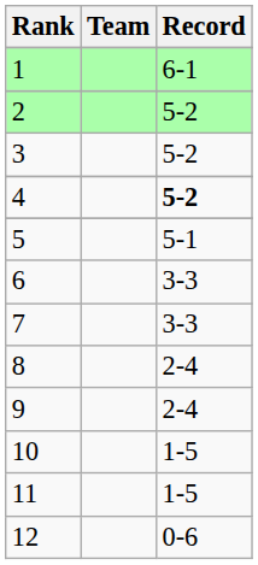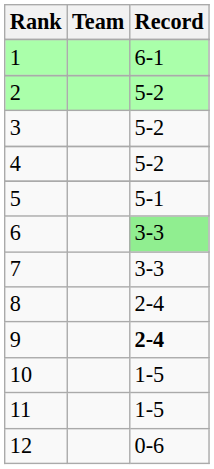 <table class="wikitable">
 <tr>
 <th>Rank</th>
 <th>Team</th>
 <th>Record</th>
 </tr>
 <tr>
 </tr>
 <tr bgcolor=#aaffaa>
 <td>1</td>
 <td></td>
 <td>6-1</td>
 </tr>
 <tr>
 </tr>
 <tr bgcolor=#aaffaa>
 <td>2</td>
 <td></td>
 <td>5-2</td>
 </tr>
 <tr>
 <td>3</td>
 <td></td>
 <td>5-2</td>
 </tr>
 <tr>
 </tr>
 <tr bgcolor=>
 <td>4</td>
 <td></td>
-<td><strong>5-2</strong></td>
+<td>5-2</td>
 </tr>
 <tr>
 </tr>
 <tr bgcolor=>
 <td>5</td>
 <td></td>
 <td>5-1</td>
 </tr>
 <tr>
 <td>6</td>
 <td></td>
-<td>3-3</td>
+<td style="background: lightgreen;">3-3</td>
 </tr>
 <tr>
 <td>7</td>
 <td></td>
 <td>3-3</td>
 </tr>
 <tr>
 <td>8</td>
 <td></td>
 <td>2-4</td>
 </tr>
 <tr>
 <td>9</td>
 <td></td>
-<td>2-4</td>
+<td><strong>2-4</strong></td>
 </tr>
 <tr>
 <td>10</td>
 <td></td>
 <td>1-5</td>
 </tr>
 <tr>
 <td>11</td>
 <td></td>
 <td>1-5</td>
 </tr>
 <tr>
 <td>12</td>
 <td></td>
 <td>0-6</td>
 </tr>
 </table>
